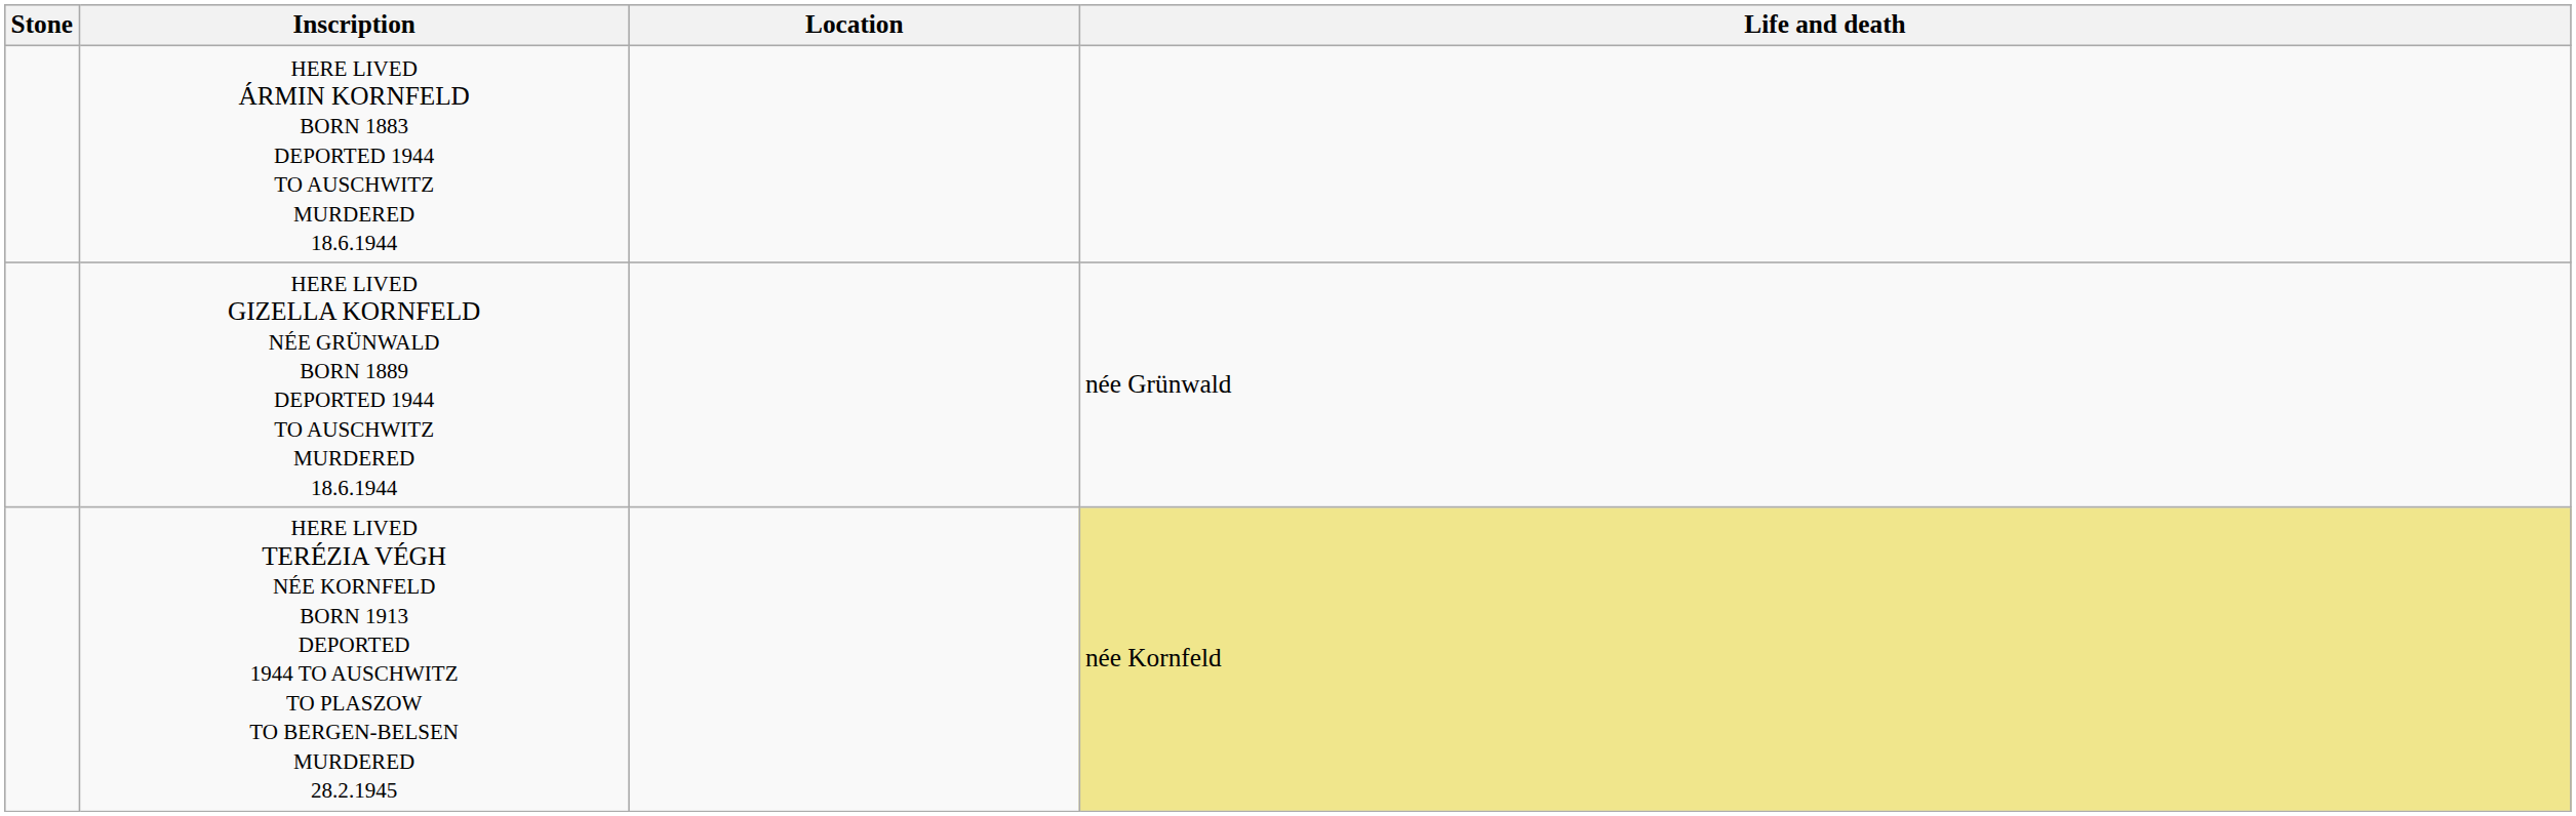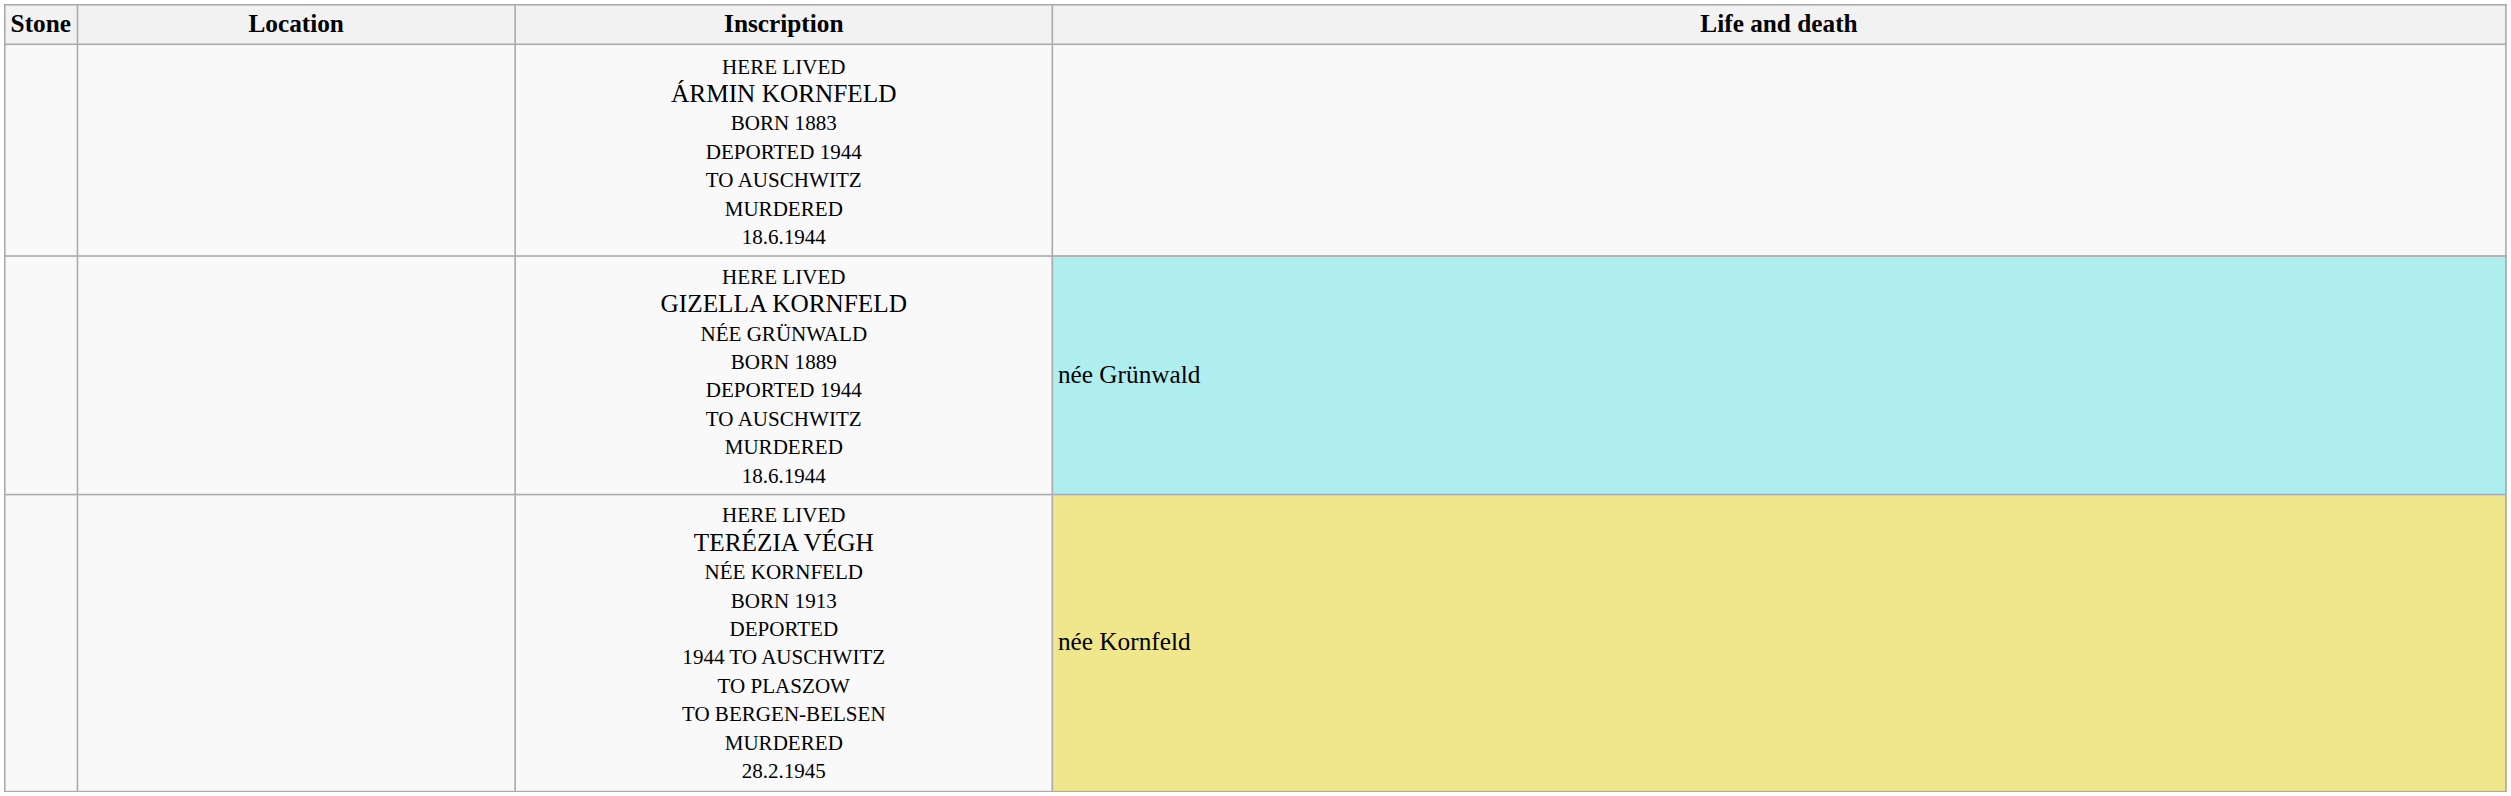 <table class="wikitable sortable toptextcells" style="width:100%">
 <tr>
 <th class="hintergrundfarbe6 unsortable" width="120px">Stone</th>
+<th class="hintergrundfarbe6" data-sort-type="text" style ="width:18%;">Location</th>
 <th class="hintergrundfarbe6 unsortable" style ="width:22%;">Inscription</th>
-<th class="hintergrundfarbe6" data-sort-type="text" style ="width:18%;">Location</th>
 <th class="hintergrundfarbe6" style="width:100%;">Life and death</th>
 </tr>
 <tr>
 <td style="text-align:center"></td>
+<td></td>
 <td style="text-align:center"><div><small>HERE LIVED</small><br>ÁRMIN KORNFELD<br><small>BORN 1883<br>DEPORTED 1944<br>TO AUSCHWITZ<br>MURDERED<br>18.6.1944</small></div></td>
-<td></td>
 <td><strong></strong></td>
 </tr>
 <tr>
 <td style="text-align:center"></td>
+<td></td>
 <td style="text-align:center"><div><small>HERE LIVED</small><br>GIZELLA KORNFELD<br><small>NÉE GRÜNWALD<br>BORN 1889<br>DEPORTED 1944<br>TO AUSCHWITZ<br>MURDERED<br>18.6.1944</small></div></td>
-<td></td>
-<td><strong></strong> née Grünwald</td>
+<td style="background: paleturquoise;"><strong></strong> née Grünwald</td>
 </tr>
 <tr>
 <td style="text-align:center"></td>
+<td></td>
 <td style="text-align:center"><div><small>HERE LIVED</small><br>TERÉZIA VÉGH <br><small>NÉE KORNFELD<br>BORN 1913<br>DEPORTED<br>1944 TO AUSCHWITZ<br>TO PLASZOW<br>TO BERGEN-BELSEN<br>MURDERED<br>28.2.1945</small></div></td>
-<td></td>
 <td style="background: khaki;"><strong></strong> née Kornfeld</td>
 </tr>
 </table>
